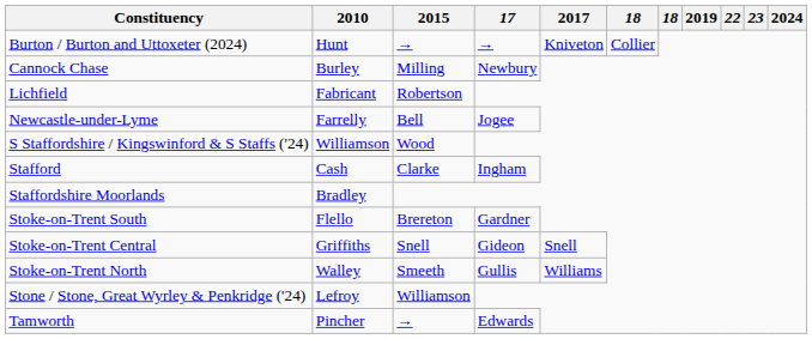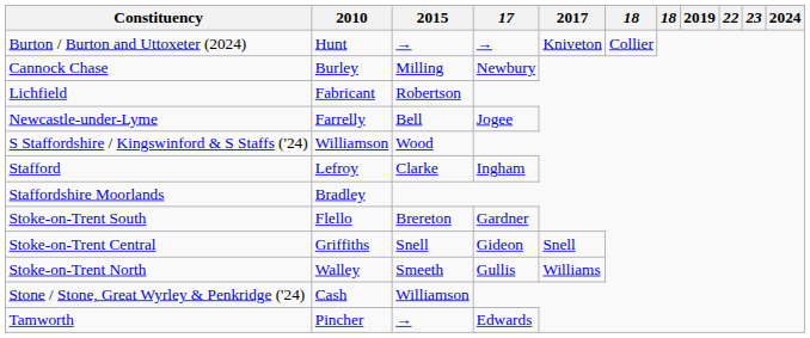 <table class="wikitable">
 <tr>
 <th>Constituency</th>
 <th>2010</th>
 <th>2015</th>
 <th><em>17</em></th>
 <th>2017</th>
 <th><em>18</em></th>
 <th><em>18</em></th>
 <th>2019</th>
 <th><em>22</em></th>
 <th><em>23</em></th>
 <th>2024</th>
 </tr>
 <tr>
 <td><a href='#'>Burton</a> / <a href='#'>Burton and Uttoxeter</a> (2024)</td>
 <td><a href='#'>Hunt</a></td>
 <td><a href='#'>→</a></td>
 <td><a href='#'>→</a></td>
 <td><a href='#'>Kniveton</a></td>
 <td><a href='#'>Collier</a></td>
 </tr>
 <tr>
 <td><a href='#'>Cannock Chase</a></td>
 <td><a href='#'>Burley</a></td>
 <td><a href='#'>Milling</a></td>
 <td><a href='#'>Newbury</a></td>
 </tr>
 <tr>
 <td><a href='#'>Lichfield</a></td>
 <td><a href='#'>Fabricant</a></td>
 <td><a href='#'>Robertson</a></td>
 </tr>
 <tr>
 <td><a href='#'>Newcastle-under-Lyme</a></td>
 <td><a href='#'>Farrelly</a></td>
 <td><a href='#'>Bell</a></td>
 <td><a href='#'>Jogee</a></td>
 </tr>
 <tr>
 <td><a href='#'>S Staffordshire</a> / <a href='#'>Kingswinford & S Staffs</a> ('24)</td>
 <td><a href='#'>Williamson</a></td>
 <td><a href='#'>Wood</a></td>
 </tr>
 <tr>
 <td><a href='#'>Stafford</a></td>
-<td><a href='#'>Cash</a></td>
+<td><a href='#'>Lefroy</a></td>
 <td><a href='#'>Clarke</a></td>
 <td><a href='#'>Ingham</a></td>
 </tr>
 <tr>
 <td><a href='#'>Staffordshire Moorlands</a></td>
 <td><a href='#'>Bradley</a></td>
 </tr>
 <tr>
 <td><a href='#'>Stoke-on-Trent South</a></td>
 <td><a href='#'>Flello</a></td>
 <td><a href='#'>Brereton</a></td>
 <td><a href='#'>Gardner</a></td>
 </tr>
 <tr>
 <td><a href='#'>Stoke-on-Trent Central</a></td>
 <td><a href='#'>Griffiths</a></td>
 <td><a href='#'>Snell</a></td>
 <td><a href='#'>Gideon</a></td>
 <td><a href='#'>Snell</a></td>
 </tr>
 <tr>
 <td><a href='#'>Stoke-on-Trent North</a></td>
 <td><a href='#'>Walley</a></td>
 <td><a href='#'>Smeeth</a></td>
 <td><a href='#'>Gullis</a></td>
 <td><a href='#'>Williams</a></td>
 </tr>
 <tr>
 <td><a href='#'>Stone</a> / <a href='#'>Stone, Great Wyrley & Penkridge</a> ('24)</td>
-<td><a href='#'>Lefroy</a></td>
+<td><a href='#'>Cash</a></td>
 <td><a href='#'>Williamson</a></td>
 </tr>
 <tr>
 <td><a href='#'>Tamworth</a></td>
 <td><a href='#'>Pincher</a></td>
 <td><a href='#'>→</a></td>
 <td><a href='#'>Edwards</a></td>
 </tr>
 </table>
